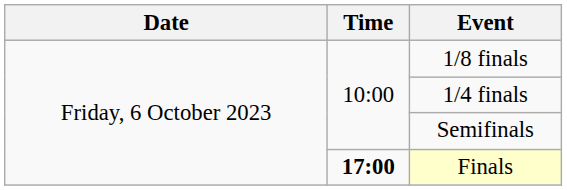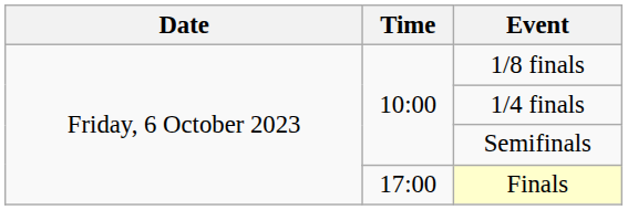 <table class = "wikitable" style="text-align:center;">
 <tr>
 <th width=220>Date</th>
 <th width=50>Time</th>
 <th width=100>Event</th>
 </tr>
 <tr>
 <td rowspan=4>Friday, 6 October 2023</td>
 <td rowspan=3>10:00</td>
 <td>1/8 finals</td>
 </tr>
 <tr>
 <td>1/4 finals</td>
 </tr>
 <tr>
 <td>Semifinals</td>
 </tr>
 <tr>
-<td><strong>17:00</strong></td>
+<td>17:00</td>
 <td bgcolor=ffffcc>Finals</td>
 </tr>
 </table>
